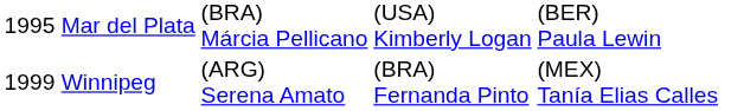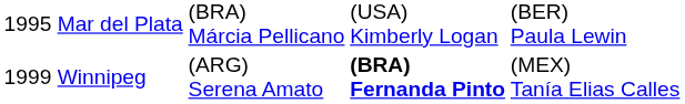 <table>
 <tr>
 <td>1995 <a href='#'>Mar del Plata</a></td>
 <td> (BRA)<br><a href='#'>Márcia Pellicano</a></td>
 <td> (USA)<br><a href='#'>Kimberly Logan</a></td>
 <td> (BER)<br><a href='#'>Paula Lewin</a></td>
 </tr>
 <tr>
 <td>1999 <a href='#'>Winnipeg</a></td>
 <td> (ARG)<br><a href='#'>Serena Amato</a></td>
-<td> (BRA)<br><a href='#'>Fernanda Pinto</a></td>
+<td><strong> (BRA)<br><a href='#'>Fernanda Pinto</a></strong></td>
 <td> (MEX)<br><a href='#'>Tanía Elias Calles</a></td>
 </tr>
 <tr>
 </tr>
 </table>
